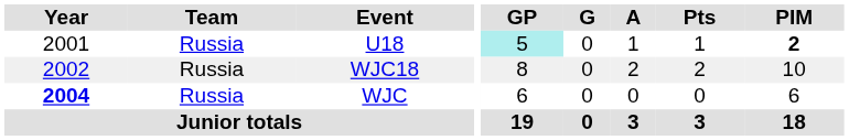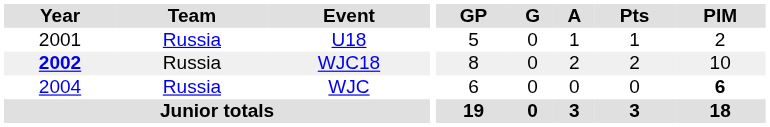 <table border="0" cellpadding="1" cellspacing="0" ID="Table3" style="text-align:center; width:40em">
 <tr ALIGN="center" bgcolor="#e0e0e0">
 <th>Year</th>
 <th>Team</th>
 <th>Event</th>
 <th rowspan="99" bgcolor="#ffffff"></th>
 <th>GP</th>
 <th>G</th>
 <th>A</th>
 <th>Pts</th>
 <th>PIM</th>
 </tr>
 <tr>
 <td>2001</td>
 <td><a href='#'>Russia</a></td>
 <td><a href='#'>U18</a></td>
-<td style="background: paleturquoise;">5</td>
+<td>5</td>
 <td>0</td>
 <td>1</td>
 <td>1</td>
-<td><strong>2</strong></td>
+<td>2</td>
 </tr>
 <tr bgcolor="#f0f0f0">
-<td><a href='#'>2002</a></td>
+<td><strong><a href='#'>2002</a></strong></td>
 <td>Russia</td>
 <td><a href='#'>WJC18</a></td>
 <td>8</td>
 <td>0</td>
 <td>2</td>
 <td>2</td>
 <td>10</td>
 </tr>
 <tr>
-<td><strong><a href='#'>2004</a></strong></td>
+<td><a href='#'>2004</a></td>
 <td><a href='#'>Russia</a></td>
 <td><a href='#'>WJC</a></td>
 <td>6</td>
 <td>0</td>
 <td>0</td>
 <td>0</td>
-<td>6</td>
+<td><strong>6</strong></td>
 </tr>
 <tr bgcolor="#e0e0e0">
 <th colspan="3">Junior totals</th>
 <th>19</th>
 <th>0</th>
 <th>3</th>
 <th>3</th>
 <th>18</th>
 </tr>
 </table>
